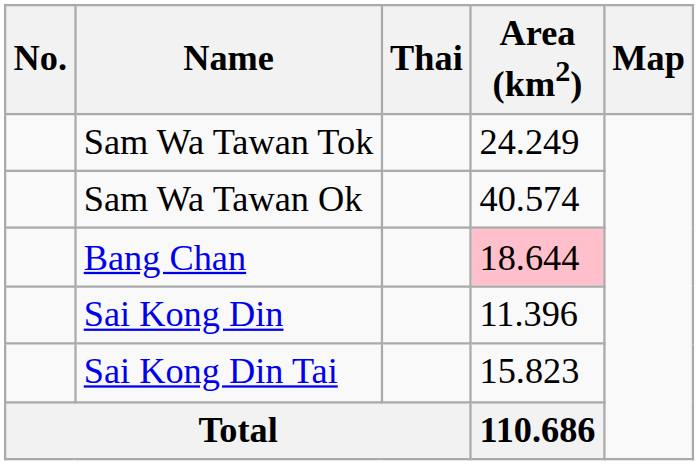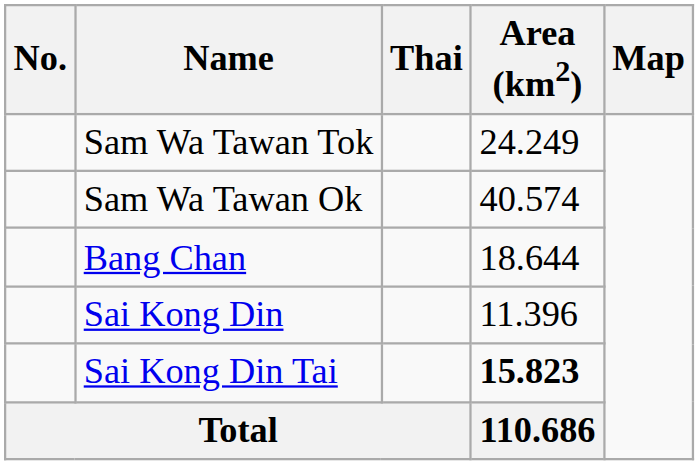 <table class="wikitable sortable">
 <tr>
 <th>No.</th>
 <th>Name</th>
 <th>Thai</th>
 <th>Area<br>(km<sup>2</sup>)</th>
 <th>Map</th>
 </tr>
 <tr>
 <td></td>
 <td>Sam Wa Tawan Tok</td>
 <td></td>
 <td><div>24.249</div></td>
 <td rowspan=6></td>
 </tr>
 <tr>
 <td></td>
 <td>Sam Wa Tawan Ok</td>
 <td></td>
 <td><div>40.574</div></td>
 </tr>
 <tr>
 <td></td>
 <td><a href='#'>Bang Chan</a></td>
 <td></td>
-<td style="background: pink;"><div>18.644</div></td>
+<td><div>18.644</div></td>
 </tr>
 <tr>
 <td></td>
 <td><a href='#'>Sai Kong Din</a></td>
 <td></td>
 <td><div>11.396</div></td>
 </tr>
 <tr>
 <td></td>
 <td><a href='#'>Sai Kong Din Tai</a></td>
 <td></td>
-<td><div>15.823</div></td>
+<td><strong><div>15.823</div></strong></td>
 </tr>
 <tr>
 <th colspan=3>Total</th>
 <th><div>110.686</div></th>
 </tr>
 </table>
